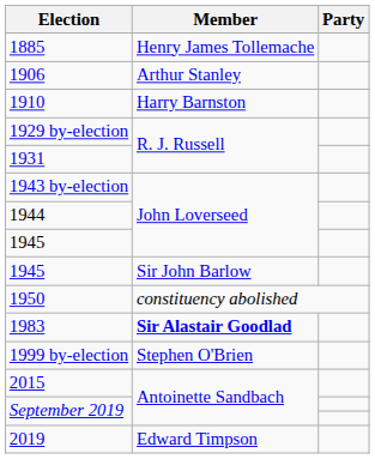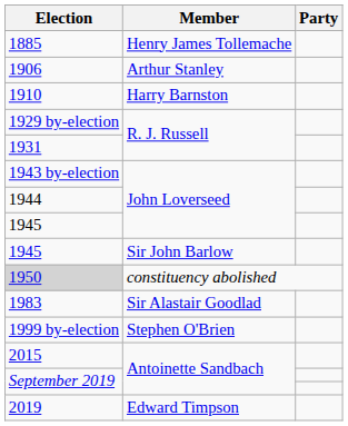 <table class="wikitable">
 <tr>
 <th>Election</th>
 <th>Member</th>
 <th colspan="2">Party</th>
 </tr>
 <tr>
 <td><a href='#'>1885</a></td>
 <td><a href='#'>Henry James Tollemache</a></td>
 <td></td>
 </tr>
 <tr>
 <td><a href='#'>1906</a></td>
 <td><a href='#'>Arthur Stanley</a></td>
 <td></td>
 </tr>
 <tr>
 <td><a href='#'>1910</a></td>
 <td><a href='#'>Harry Barnston</a></td>
 <td></td>
 </tr>
 <tr>
 <td><a href='#'>1929 by-election</a></td>
 <td rowspan="2"><a href='#'>R. J. Russell</a></td>
 <td></td>
 </tr>
 <tr>
 <td><a href='#'>1931</a></td>
 <td></td>
 </tr>
 <tr>
 <td><a href='#'>1943 by-election</a></td>
 <td rowspan=3><a href='#'>John Loverseed</a></td>
 <td></td>
 </tr>
 <tr>
 <td>1944</td>
 <td></td>
 </tr>
 <tr>
 <td>1945</td>
 <td></td>
 </tr>
 <tr>
 <td><a href='#'>1945</a></td>
 <td><a href='#'>Sir John Barlow</a></td>
 <td></td>
 </tr>
 <tr>
-<td><a href='#'>1950</a></td>
+<td style="background: lightgrey;"><a href='#'>1950</a></td>
 <td colspan="3"><em>constituency abolished</em></td>
 </tr>
 <tr>
 <td><a href='#'>1983</a></td>
-<td><strong><a href='#'>Sir Alastair Goodlad</a></strong></td>
+<td><a href='#'>Sir Alastair Goodlad</a></td>
 <td></td>
 </tr>
 <tr>
 <td><a href='#'>1999 by-election</a></td>
 <td><a href='#'>Stephen O'Brien</a></td>
 <td></td>
 </tr>
 <tr>
 <td><a href='#'>2015</a></td>
 <td rowspan=3><a href='#'>Antoinette Sandbach</a></td>
 <td></td>
 </tr>
 <tr>
 <td rowspan=2><em><a href='#'>September 2019</a></em></td>
 <td></td>
 </tr>
 <tr>
 <td></td>
 </tr>
 <tr>
 <td><a href='#'>2019</a></td>
 <td><a href='#'>Edward Timpson</a></td>
 <td></td>
 </tr>
 </table>
